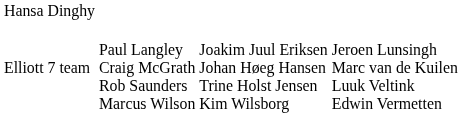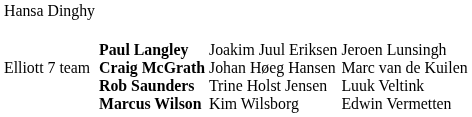 <table>
 <tr>
 <td>Hansa Dinghy</td>
 <td nowrap></td>
 <td></td>
 <td></td>
 </tr>
 <tr>
 <td>Elliott 7 team</td>
-<td><br>Paul Langley<br>Craig McGrath<br>Rob Saunders<br>Marcus Wilson</td>
+<td><strong><br>Paul Langley<br>Craig McGrath<br>Rob Saunders<br>Marcus Wilson</strong></td>
 <td nowrap><br>Joakim Juul Eriksen<br>Johan Høeg Hansen<br>Trine Holst Jensen<br>Kim Wilsborg</td>
 <td nowrap><br>Jeroen Lunsingh<br>Marc van de Kuilen<br>Luuk Veltink<br>Edwin Vermetten</td>
 </tr>
 </table>
